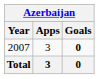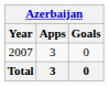 <table class="wikitable" style="text-align:center">
 <tr>
 <th colspan=3><a href='#'>Azerbaijan</a></th>
 </tr>
 <tr>
 <th>Year</th>
 <th>Apps</th>
 <th>Goals</th>
 </tr>
 <tr>
 <td>2007</td>
 <td>3</td>
-<td><strong>0</strong></td>
+<td>0</td>
 </tr>
 <tr>
 <th>Total</th>
 <th>3</th>
 <th>0</th>
 </tr>
 </table>
